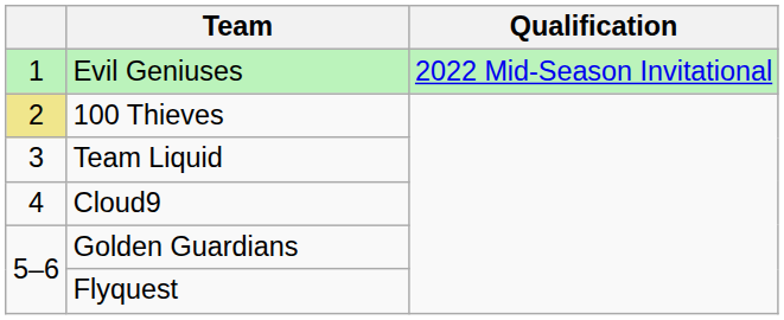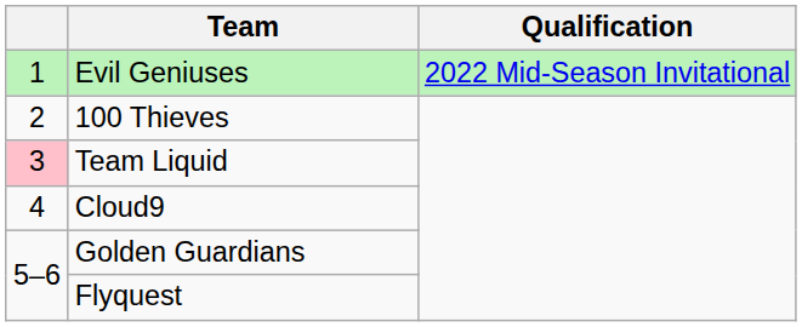 <table class="wikitable" style="text-align:center">
 <tr>
 <th width=28></th>
 <th width=190>Team</th>
 <th>Qualification</th>
 </tr>
 <tr style="background-color:#BBF3BB;">
 <td>1</td>
 <td style="text-align:left">Evil Geniuses</td>
 <td><a href='#'>2022 Mid-Season Invitational</a></td>
 </tr>
 <tr>
-<td style="background: khaki;">2</td>
+<td>2</td>
 <td style="text-align:left">100 Thieves</td>
 <td rowspan="5"></td>
 </tr>
 <tr>
-<td>3</td>
+<td style="background: pink;">3</td>
 <td style="text-align:left">Team Liquid</td>
 </tr>
 <tr>
 <td>4</td>
 <td style="text-align:left">Cloud9</td>
 </tr>
 <tr>
 <td rowspan="2">5–6</td>
 <td style="text-align:left">Golden Guardians</td>
 </tr>
 <tr>
 <td style="text-align:left">Flyquest</td>
 </tr>
 </table>
